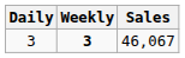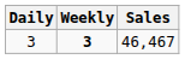 <table class="wikitable">
 <tr>
 <th>Daily</th>
 <th>Weekly</th>
 <th>Sales</th>
 </tr>
 <tr>
 <td align="center">3</td>
 <td align="center"><strong>3</strong></td>
-<td>46,067</td>
+<td>46,467</td>
 </tr>
 </table>
